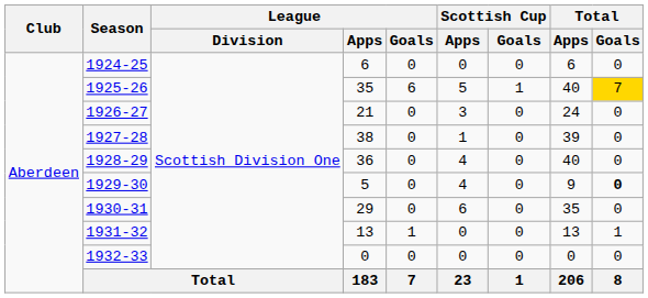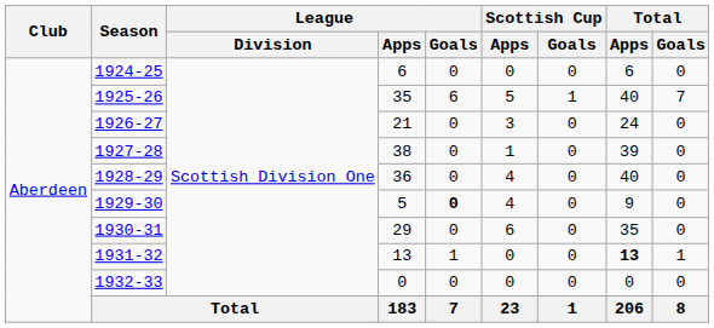 <table class="wikitable" style="text-align:center">
 <tr>
 <th rowspan="2">Club</th>
 <th rowspan="2">Season</th>
 <th colspan="3">League</th>
 <th colspan="2">Scottish Cup</th>
 <th colspan="2">Total</th>
 </tr>
 <tr>
 <th>Division</th>
 <th>Apps</th>
 <th>Goals</th>
 <th>Apps</th>
 <th>Goals</th>
 <th>Apps</th>
 <th>Goals</th>
 </tr>
 <tr>
 <td rowspan="10"><a href='#'>Aberdeen</a></td>
 <td><a href='#'>1924-25</a></td>
 <td rowspan="9"><a href='#'>Scottish Division One</a></td>
 <td>6</td>
 <td>0</td>
 <td>0</td>
 <td>0</td>
 <td>6</td>
 <td>0</td>
 </tr>
 <tr>
 <td><a href='#'>1925-26</a></td>
 <td>35</td>
 <td>6</td>
 <td>5</td>
 <td>1</td>
 <td>40</td>
-<td style="background: gold;">7</td>
+<td>7</td>
 </tr>
 <tr>
 <td><a href='#'>1926-27</a></td>
 <td>21</td>
 <td>0</td>
 <td>3</td>
 <td>0</td>
 <td>24</td>
 <td>0</td>
 </tr>
 <tr>
 <td><a href='#'>1927-28</a></td>
 <td>38</td>
 <td>0</td>
 <td>1</td>
 <td>0</td>
 <td>39</td>
 <td>0</td>
 </tr>
 <tr>
 <td><a href='#'>1928-29</a></td>
 <td>36</td>
 <td>0</td>
 <td>4</td>
 <td>0</td>
 <td>40</td>
 <td>0</td>
 </tr>
 <tr>
 <td><a href='#'>1929-30</a></td>
 <td>5</td>
-<td>0</td>
+<td><strong>0</strong></td>
 <td>4</td>
 <td>0</td>
 <td>9</td>
-<td><strong>0</strong></td>
+<td>0</td>
 </tr>
 <tr>
 <td><a href='#'>1930-31</a></td>
 <td>29</td>
 <td>0</td>
 <td>6</td>
 <td>0</td>
 <td>35</td>
 <td>0</td>
 </tr>
 <tr>
 <td><a href='#'>1931-32</a></td>
 <td>13</td>
 <td>1</td>
 <td>0</td>
 <td>0</td>
-<td>13</td>
+<td><strong>13</strong></td>
 <td>1</td>
 </tr>
 <tr>
 <td><a href='#'>1932-33</a></td>
 <td>0</td>
 <td>0</td>
 <td>0</td>
 <td>0</td>
 <td>0</td>
 <td>0</td>
 </tr>
 <tr>
 <th colspan="2">Total</th>
 <th>183</th>
 <th>7</th>
 <th>23</th>
 <th>1</th>
 <th>206</th>
 <th>8</th>
 </tr>
 </table>
